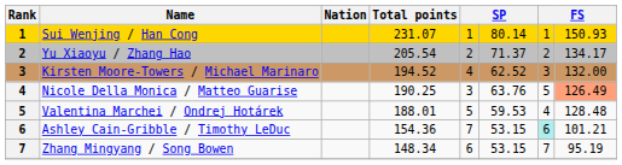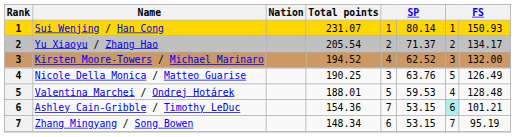 <table class="wikitable sortable">
 <tr>
 <th>Rank</th>
 <th>Name</th>
 <th>Nation</th>
 <th>Total points</th>
 <th colspan="2" width="80px"><a href='#'>SP</a></th>
 <th colspan="2" width="80px"><a href='#'>FS</a></th>
 </tr>
 <tr bgcolor="gold">
 <td align="center"><strong>1</strong></td>
 <td><a href='#'>Sui Wenjing</a> / <a href='#'>Han Cong</a></td>
 <td></td>
 <td align="center">231.07</td>
 <td align="center">1</td>
 <td align="center">80.14</td>
 <td align="center">1</td>
 <td align="center">150.93</td>
 </tr>
 <tr bgcolor="silver">
 <td align="center"><strong>2</strong></td>
 <td><a href='#'>Yu Xiaoyu</a> / <a href='#'>Zhang Hao</a></td>
 <td></td>
 <td align="center">205.54</td>
 <td align="center">2</td>
 <td align="center">71.37</td>
 <td align="center">2</td>
 <td align="center">134.17</td>
 </tr>
 <tr bgcolor="cc9966">
 <td align="center"><strong>3</strong></td>
 <td><a href='#'>Kirsten Moore-Towers</a> / <a href='#'>Michael Marinaro</a></td>
 <td></td>
 <td align="center">194.52</td>
 <td align="center">4</td>
 <td align="center">62.52</td>
 <td align="center">3</td>
 <td align="center">132.00</td>
 </tr>
 <tr>
 <th>4</th>
 <td><a href='#'>Nicole Della Monica</a> / <a href='#'>Matteo Guarise</a></td>
 <td></td>
 <td align="center">190.25</td>
 <td align="center">3</td>
 <td align="center">63.76</td>
 <td align="center">5</td>
-<td align="center" style="background: lightsalmon;">126.49</td>
+<td align="center">126.49</td>
 </tr>
 <tr>
 <th>5</th>
 <td><a href='#'>Valentina Marchei</a> / <a href='#'>Ondrej Hotárek</a></td>
 <td></td>
 <td align="center">188.01</td>
 <td align="center">5</td>
 <td align="center">59.53</td>
 <td align="center">4</td>
 <td align="center">128.48</td>
 </tr>
 <tr>
 <th>6</th>
 <td><a href='#'>Ashley Cain-Gribble</a> / <a href='#'>Timothy LeDuc</a></td>
 <td></td>
 <td align="center">154.36</td>
 <td align="center">7</td>
 <td align="center">53.15</td>
 <td align="center" style="background: paleturquoise;">6</td>
 <td align="center">101.21</td>
 </tr>
 <tr>
 <th>7</th>
 <td><a href='#'>Zhang Mingyang</a> / <a href='#'>Song Bowen</a></td>
 <td></td>
 <td align="center">148.34</td>
 <td align="center">6</td>
 <td align="center">53.15</td>
 <td align="center">7</td>
 <td align="center">95.19</td>
 </tr>
 <tr>
 </tr>
 </table>
